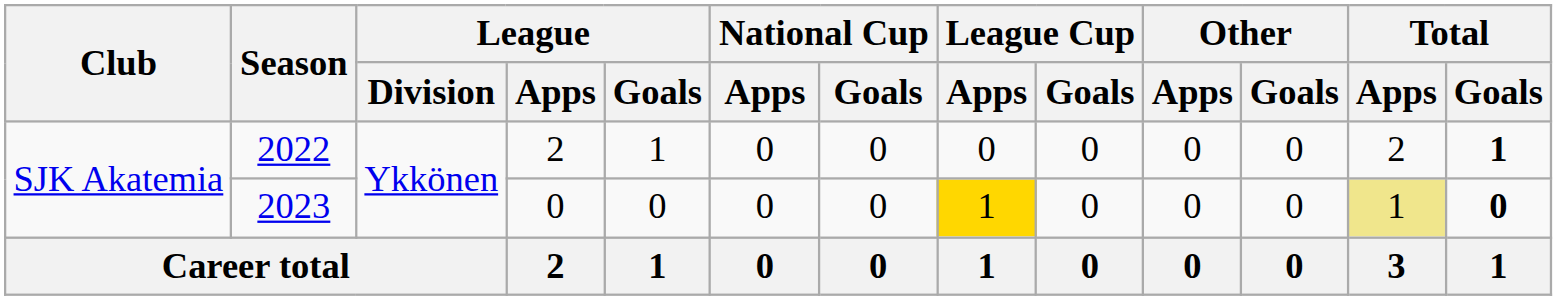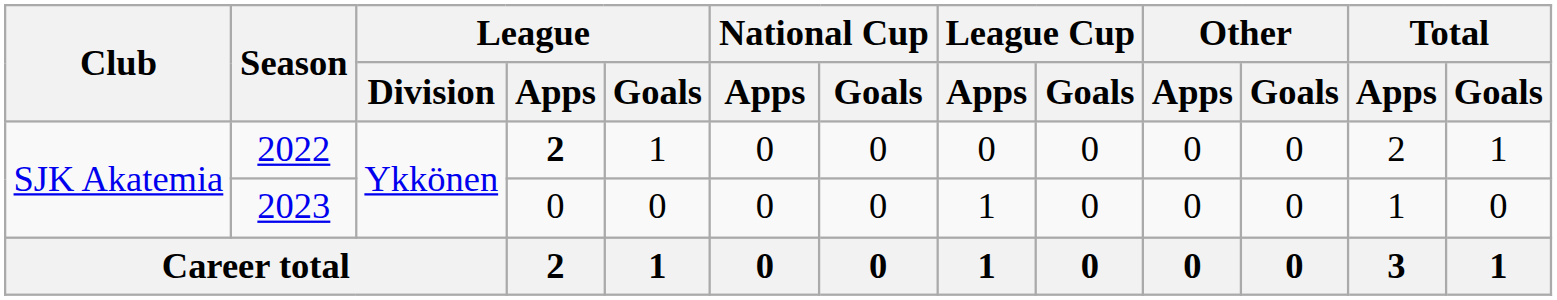 <table class="wikitable" style="text-align: center;">
 <tr>
 <th rowspan=2>Club</th>
 <th rowspan=2>Season</th>
 <th colspan=3>League</th>
 <th colspan=2>National Cup</th>
 <th colspan=2>League Cup</th>
 <th colspan=2>Other</th>
 <th colspan=2>Total</th>
 </tr>
 <tr>
 <th>Division</th>
 <th>Apps</th>
 <th>Goals</th>
 <th>Apps</th>
 <th>Goals</th>
 <th>Apps</th>
 <th>Goals</th>
 <th>Apps</th>
 <th>Goals</th>
 <th>Apps</th>
 <th>Goals</th>
 </tr>
 <tr>
 <td rowspan=2><a href='#'>SJK Akatemia</a></td>
 <td><a href='#'>2022</a></td>
 <td rowspan=2><a href='#'>Ykkönen</a></td>
-<td>2</td>
+<td><strong>2</strong></td>
 <td>1</td>
 <td>0</td>
 <td>0</td>
 <td>0</td>
 <td>0</td>
 <td>0</td>
 <td>0</td>
 <td>2</td>
-<td><strong>1</strong></td>
+<td>1</td>
 </tr>
 <tr>
 <td><a href='#'>2023</a></td>
 <td>0</td>
 <td>0</td>
 <td>0</td>
 <td>0</td>
-<td style="background: gold;">1</td>
+<td>1</td>
 <td>0</td>
 <td>0</td>
 <td>0</td>
-<td style="background: khaki;">1</td>
-<td><strong>0</strong></td>
+<td>1</td>
+<td>0</td>
 </tr>
 <tr>
 <th colspan=3>Career total</th>
 <th>2</th>
 <th>1</th>
 <th>0</th>
 <th>0</th>
 <th>1</th>
 <th>0</th>
 <th>0</th>
 <th>0</th>
 <th>3</th>
 <th>1</th>
 </tr>
 </table>
